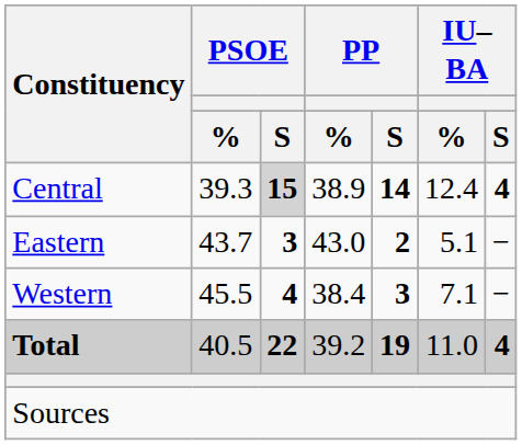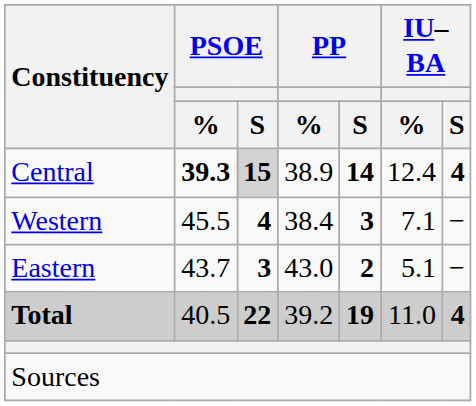 <table class="wikitable sortable" style="text-align:right; line-height:20px;">
 <tr>
 <th rowspan="3">Constituency</th>
 <th colspan="2" width="30px" class="unsortable"><a href='#'>PSOE</a></th>
 <th colspan="2" width="30px" class="unsortable"><a href='#'>PP</a></th>
 <th colspan="2" width="30px" class="unsortable"><a href='#'>IU</a>–<a href='#'>BA</a></th>
 </tr>
 <tr>
 <th colspan="2" style="background:"></th>
 <th colspan="2" style="background:"></th>
 <th colspan="2" style="background:"></th>
 </tr>
 <tr>
 <th data-sort-type="number">%</th>
 <th data-sort-type="number">S</th>
 <th data-sort-type="number">%</th>
 <th data-sort-type="number">S</th>
 <th data-sort-type="number">%</th>
 <th data-sort-type="number">S</th>
 </tr>
 <tr>
 <td align="left"><a href='#'>Central</a></td>
-<td style="background:">39.3</td>
+<td style="background:"><strong>39.3</strong></td>
 <td style="background: lightgrey;"><strong>15</strong></td>
 <td>38.9</td>
 <td><strong>14</strong></td>
 <td>12.4</td>
 <td><strong>4</strong></td>
+</tr>
+<tr>
+<td align="left"><a href='#'>Western</a></td>
+<td style="background:">45.5</td>
+<td><strong>4</strong></td>
+<td>38.4</td>
+<td><strong>3</strong></td>
+<td>7.1</td>
+<td>−</td>
 </tr>
 <tr>
 <td align="left"><a href='#'>Eastern</a></td>
 <td style="background:">43.7</td>
 <td><strong>3</strong></td>
 <td>43.0</td>
 <td><strong>2</strong></td>
 <td>5.1</td>
-<td>−</td>
-</tr>
-<tr>
-<td align="left"><a href='#'>Western</a></td>
-<td style="background:">45.5</td>
-<td><strong>4</strong></td>
-<td>38.4</td>
-<td><strong>3</strong></td>
-<td>7.1</td>
 <td>−</td>
 </tr>
 <tr style="background:#CDCDCD;">
 <td align="left"><strong>Total</strong></td>
 <td style="background:">40.5</td>
 <td><strong>22</strong></td>
 <td>39.2</td>
 <td><strong>19</strong></td>
 <td>11.0</td>
 <td><strong>4</strong></td>
 </tr>
 <tr>
 <th colspan="7"></th>
 </tr>
 <tr>
 <th style="text-align:left; font-weight:normal; background:#F9F9F9" colspan="7">Sources</th>
 </tr>
 </table>
